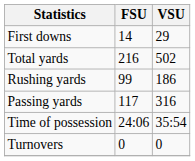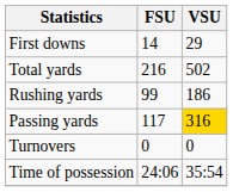 <table class="wikitable">
 <tr>
 <th>Statistics</th>
 <th>FSU</th>
 <th>VSU</th>
 </tr>
 <tr>
 <td>First downs</td>
 <td>14</td>
 <td>29</td>
 </tr>
 <tr>
 <td>Total yards</td>
 <td>216</td>
 <td>502</td>
 </tr>
 <tr>
 <td>Rushing yards</td>
 <td>99</td>
 <td>186</td>
 </tr>
 <tr>
 <td>Passing yards</td>
 <td>117</td>
-<td>316</td>
+<td style="background: gold;">316</td>
+</tr>
+<tr>
+<td>Turnovers</td>
+<td>0</td>
+<td>0</td>
 </tr>
 <tr>
 <td>Time of possession</td>
 <td>24:06</td>
 <td>35:54</td>
 </tr>
 <tr>
-<td>Turnovers</td>
-<td>0</td>
-<td>0</td>
-</tr>
-<tr>
 </tr>
 </table>
